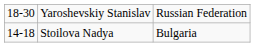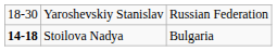 <table class="wikitable">
 <tr>
 <td>18-30</td>
 <td>Yaroshevskiy Stanislav</td>
 <td>Russian Federation</td>
 </tr>
 <tr>
-<td>14-18</td>
+<td><strong>14-18</strong></td>
 <td>Stoilova Nadya</td>
 <td>Bulgaria</td>
 </tr>
 </table>
